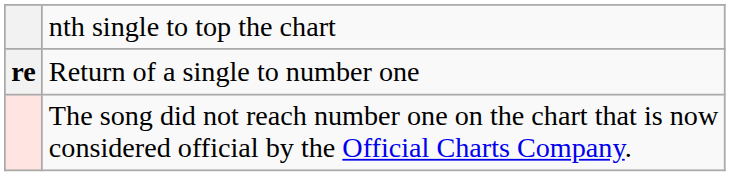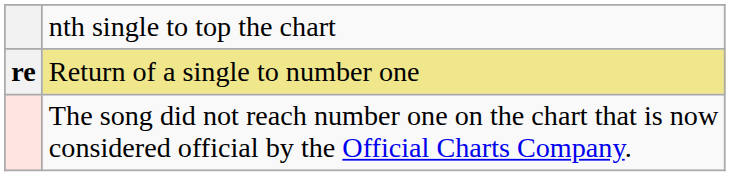 <table class="wikitable plainrowheaders">
 <tr>
 <th scope=col></th>
 <td>nth single to top the chart</td>
 </tr>
 <tr>
 <th scope=row style="text-align:center;">re</th>
-<td>Return of a single to number one</td>
+<td style="background: khaki;">Return of a single to number one</td>
 </tr>
 <tr>
 <td align=center bgcolor=mistyrose></td>
 <td>The song did not reach number one on the chart that is now<br>considered official by the <a href='#'>Official Charts Company</a>.</td>
 </tr>
 </table>
